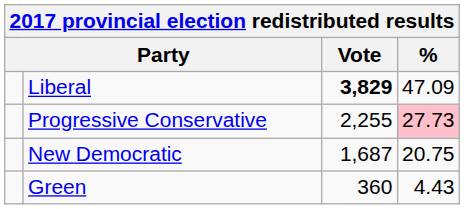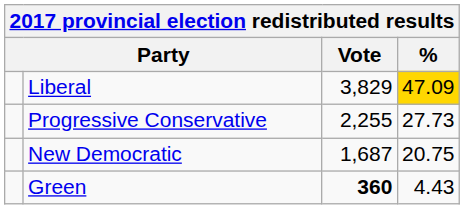 <table class="wikitable">
 <tr>
 <th colspan="4"><a href='#'>2017 provincial election</a> redistributed results</th>
 </tr>
 <tr>
 <th bgcolor="#DDDDFF" width="130px" colspan="2">Party</th>
 <th bgcolor="#DDDDFF" width="50px">Vote</th>
 <th bgcolor="#DDDDFF" width="30px">%</th>
 </tr>
 <tr>
 <td> </td>
 <td><a href='#'>Liberal</a></td>
-<td align=right><strong>3,829</strong></td>
-<td align=right>47.09</td>
+<td align=right>3,829</td>
+<td align=right style="background: gold;">47.09</td>
 </tr>
 <tr>
 <td> </td>
 <td><a href='#'>Progressive Conservative</a></td>
 <td align=right>2,255</td>
-<td align=right style="background: pink;">27.73</td>
+<td align=right>27.73</td>
 </tr>
 <tr>
 <td> </td>
 <td><a href='#'>New Democratic</a></td>
 <td align=right>1,687</td>
 <td align=right>20.75</td>
 </tr>
 <tr>
 <td> </td>
 <td><a href='#'>Green</a></td>
-<td align=right>360</td>
+<td align=right><strong>360</strong></td>
 <td align=right>4.43</td>
 </tr>
 </table>
